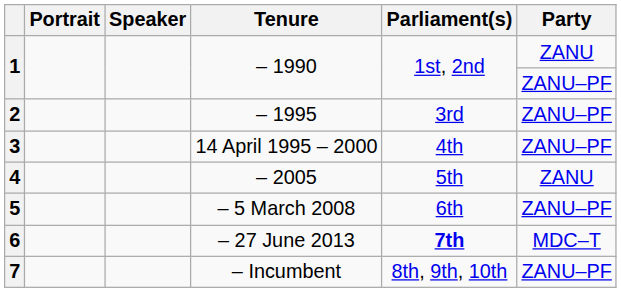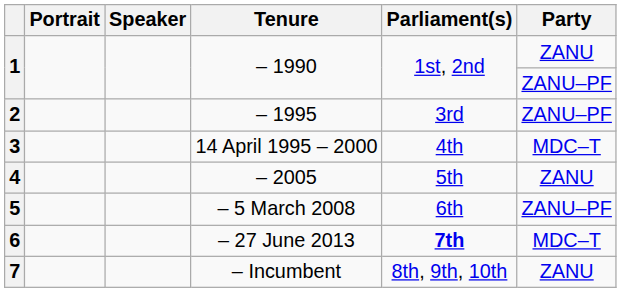 <table class="wikitable" style="text-align: center;">
 <tr>
 <th></th>
 <th>Portrait</th>
 <th>Speaker</th>
 <th>Tenure</th>
 <th>Parliament(s)</th>
 <th>Party</th>
 </tr>
 <tr>
 <th rowspan="2" style="background:">1</th>
 <td rowspan="2"></td>
 <td rowspan="2"></td>
 <td rowspan="2"> – 1990</td>
 <td rowspan="2"><a href='#'>1st</a>, <a href='#'>2nd</a></td>
 <td><a href='#'>ZANU</a> </td>
 </tr>
 <tr>
 <td><a href='#'>ZANU–PF</a> </td>
 </tr>
 <tr>
 <th style="background:">2</th>
 <td></td>
 <td></td>
 <td> – 1995</td>
 <td><a href='#'>3rd</a></td>
 <td><a href='#'>ZANU–PF</a></td>
 </tr>
 <tr>
 <th style="background:">3</th>
 <td></td>
 <td></td>
 <td>14 April 1995 – 2000</td>
 <td><a href='#'>4th</a></td>
-<td><a href='#'>ZANU–PF</a></td>
+<td><a href='#'>MDC–T</a></td>
 </tr>
 <tr>
 <th style="background:">4</th>
 <td></td>
 <td></td>
 <td> – 2005</td>
 <td><a href='#'>5th</a></td>
 <td><a href='#'>ZANU</a> </td>
 </tr>
 <tr>
 <th style="background:">5</th>
 <td></td>
 <td></td>
 <td> – 5 March 2008</td>
 <td><a href='#'>6th</a></td>
 <td><a href='#'>ZANU–PF</a></td>
 </tr>
 <tr>
 <th style="background:">6</th>
 <td></td>
 <td></td>
 <td> – 27 June 2013</td>
 <td><strong><a href='#'>7th</a></strong></td>
 <td><a href='#'>MDC–T</a></td>
 </tr>
 <tr>
 <th style="background:">7</th>
 <td></td>
 <td></td>
 <td> – Incumbent</td>
 <td><a href='#'>8th</a>, <a href='#'>9th</a>, <a href='#'>10th</a></td>
-<td><a href='#'>ZANU–PF</a></td>
+<td><a href='#'>ZANU</a> </td>
 </tr>
 </table>
